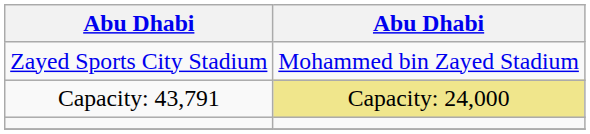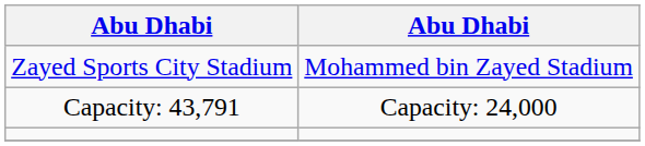 <table class="wikitable" style="text-align:center">
 <tr>
 <th><a href='#'>Abu Dhabi</a></th>
 <th><a href='#'>Abu Dhabi</a></th>
 </tr>
 <tr>
 <td><a href='#'>Zayed Sports City Stadium</a></td>
 <td><a href='#'>Mohammed bin Zayed Stadium</a></td>
 </tr>
 <tr>
 <td>Capacity: 43,791</td>
-<td style="background: khaki;">Capacity: 24,000</td>
+<td>Capacity: 24,000</td>
 </tr>
 <tr>
 <td></td>
 <td></td>
 </tr>
 <tr>
 </tr>
 </table>
